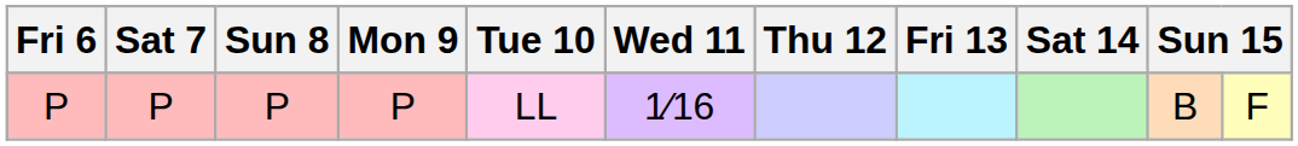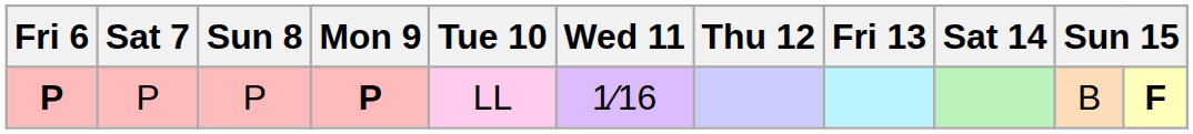 <table class="wikitable" style="margin:0.5em auto; font-size:90%; line-height:1.25em; text-align:center">
 <tr>
 <th>Fri 6</th>
 <th>Sat 7</th>
 <th>Sun 8</th>
 <th>Mon 9</th>
 <th>Tue 10</th>
 <th>Wed 11</th>
 <th>Thu 12</th>
 <th>Fri 13</th>
 <th>Sat 14</th>
 <th colspan=2>Sun 15</th>
 </tr>
 <tr>
+<td bgcolor="#FFBBBB"><strong>P</strong></td>
 <td bgcolor="#FFBBBB">P</td>
 <td bgcolor="#FFBBBB">P</td>
-<td bgcolor="#FFBBBB">P</td>
-<td bgcolor="#FFBBBB">P</td>
+<td bgcolor="#FFBBBB"><strong>P</strong></td>
 <td bgcolor="#FFCCEE">LL</td>
 <td bgcolor="#DDBBFF">1⁄16</td>
 <td bgcolor="#CCCCFF"></td>
 <td bgcolor="#BBF3FF"></td>
 <td bgcolor="#BBF3BB"></td>
 <td bgcolor="#FEDCBA">B</td>
-<td bgcolor="#FFFFBB">F</td>
+<td bgcolor="#FFFFBB"><strong>F</strong></td>
 </tr>
 </table>
